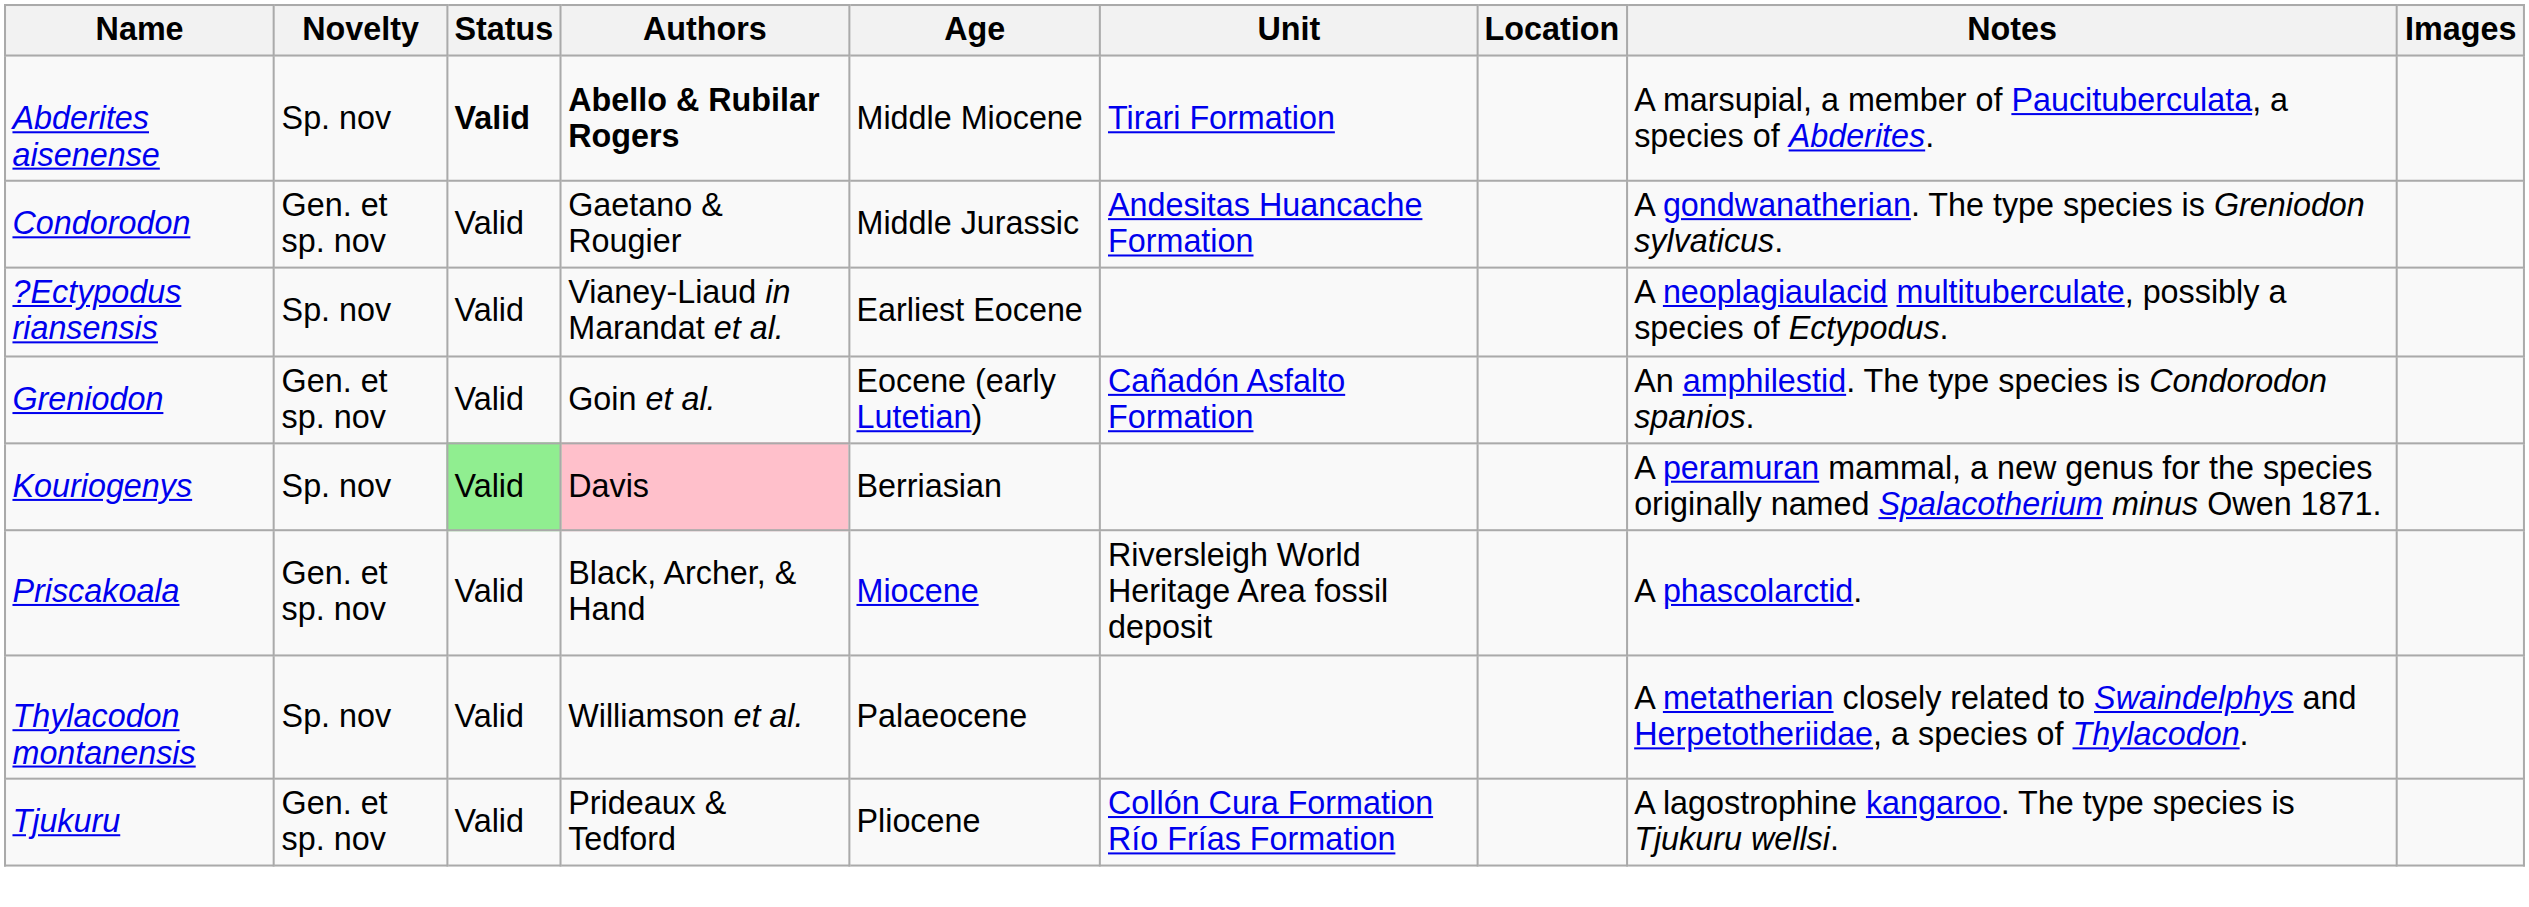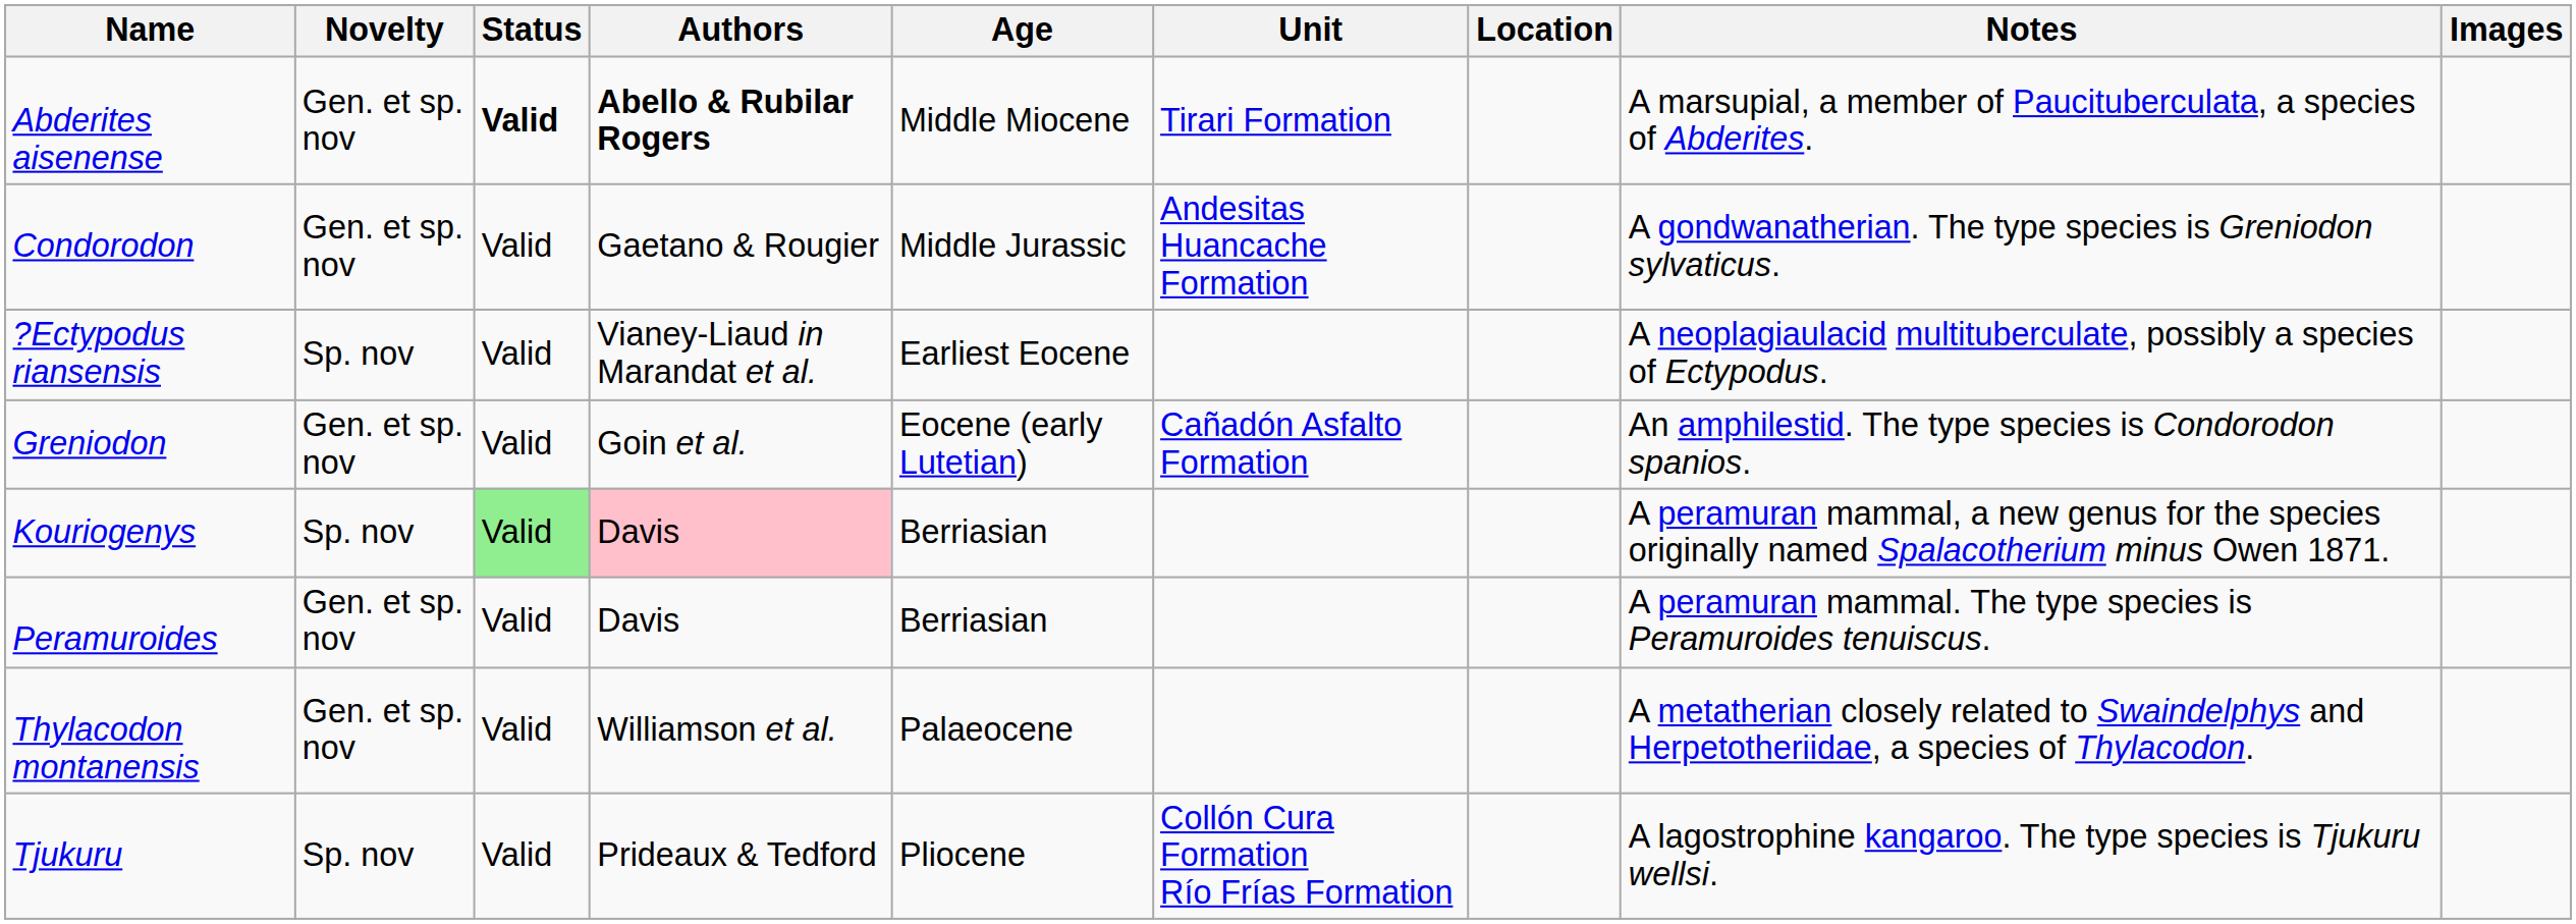 <table class="wikitable sortable" align="center">
 <tr>
 <th>Name</th>
 <th>Novelty</th>
 <th>Status</th>
 <th>Authors</th>
 <th>Age</th>
 <th>Unit</th>
 <th>Location</th>
 <th class=unsortable>Notes</th>
 <th class=unsortable>Images</th>
 </tr>
 <tr>
 <td><br><em><a href='#'>Abderites aisenense</a></em></td>
-<td>Sp. nov</td>
+<td>Gen. et sp. nov</td>
 <td><strong>Valid</strong></td>
 <td><strong>Abello & Rubilar Rogers</strong></td>
 <td>Middle Miocene</td>
 <td><a href='#'>Tirari Formation</a></td>
 <td><br><br> </td>
 <td>A marsupial, a member of <a href='#'>Paucituberculata</a>, a species of <em><a href='#'>Abderites</a></em>.</td>
 <td></td>
 </tr>
 <tr>
 <td><em><a href='#'>Condorodon</a></em></td>
 <td>Gen. et sp. nov</td>
 <td>Valid</td>
 <td>Gaetano & Rougier</td>
 <td>Middle Jurassic</td>
 <td><a href='#'>Andesitas Huancache Formation</a></td>
 <td></td>
 <td>A <a href='#'>gondwanatherian</a>. The type species is <em>Greniodon sylvaticus</em>.</td>
 <td></td>
 </tr>
 <tr>
 <td><em><a href='#'>?Ectypodus riansensis</a></em></td>
 <td>Sp. nov</td>
 <td>Valid</td>
 <td>Vianey-Liaud <em>in</em> Marandat <em>et al.</em></td>
 <td>Earliest Eocene</td>
 <td></td>
 <td></td>
 <td>A <a href='#'>neoplagiaulacid</a> <a href='#'>multituberculate</a>, possibly a species of <em>Ectypodus</em>.</td>
 <td></td>
 </tr>
 <tr>
 <td><em><a href='#'>Greniodon</a></em></td>
 <td>Gen. et sp. nov</td>
 <td>Valid</td>
 <td>Goin <em>et al.</em></td>
 <td>Eocene (early <a href='#'>Lutetian</a>)</td>
 <td><a href='#'>Cañadón Asfalto Formation</a></td>
 <td><br></td>
 <td>An <a href='#'>amphilestid</a>. The type species is <em>Condorodon spanios</em>.</td>
 <td></td>
 </tr>
 <tr>
 <td><em><a href='#'>Kouriogenys</a></em></td>
 <td>Sp. nov</td>
 <td style="background: lightgreen;">Valid</td>
 <td style="background: pink;">Davis</td>
 <td>Berriasian</td>
 <td></td>
 <td></td>
 <td>A <a href='#'>peramuran</a> mammal, a new genus for the species originally named <em><a href='#'>Spalacotherium</a> minus</em> Owen 1871.</td>
 <td></td>
 </tr>
 <tr>
-<td><em><a href='#'>Priscakoala</a></em></td>
+<td><br><em><a href='#'>Peramuroides</a></em></td>
 <td>Gen. et sp. nov</td>
 <td>Valid</td>
-<td>Black, Archer, & Hand</td>
-<td><a href='#'>Miocene</a></td>
-<td>Riversleigh World Heritage Area fossil deposit</td>
+<td>Davis</td>
+<td>Berriasian</td>
 <td></td>
-<td>A <a href='#'>phascolarctid</a>.</td>
+<td><br></td>
+<td>A <a href='#'>peramuran</a> mammal. The type species is <em>Peramuroides tenuiscus</em>.</td>
 <td></td>
 </tr>
 <tr>
 <td><br><em><a href='#'>Thylacodon montanensis</a></em></td>
-<td>Sp. nov</td>
+<td>Gen. et sp. nov</td>
 <td>Valid</td>
 <td>Williamson <em>et al.</em></td>
 <td>Palaeocene</td>
 <td></td>
 <td></td>
 <td>A <a href='#'>metatherian</a> closely related to <em><a href='#'>Swaindelphys</a></em> and <a href='#'>Herpetotheriidae</a>, a species of <em><a href='#'>Thylacodon</a></em>.</td>
 <td></td>
 </tr>
 <tr>
 <td><em><a href='#'>Tjukuru</a></em></td>
-<td>Gen. et sp. nov</td>
+<td>Sp. nov</td>
 <td>Valid</td>
 <td>Prideaux & Tedford</td>
 <td>Pliocene</td>
 <td><a href='#'>Collón Cura Formation</a><br><a href='#'>Río Frías Formation</a></td>
 <td></td>
 <td>A lagostrophine <a href='#'>kangaroo</a>. The type species is <em>Tjukuru wellsi</em>.</td>
 <td></td>
 </tr>
 </table>
